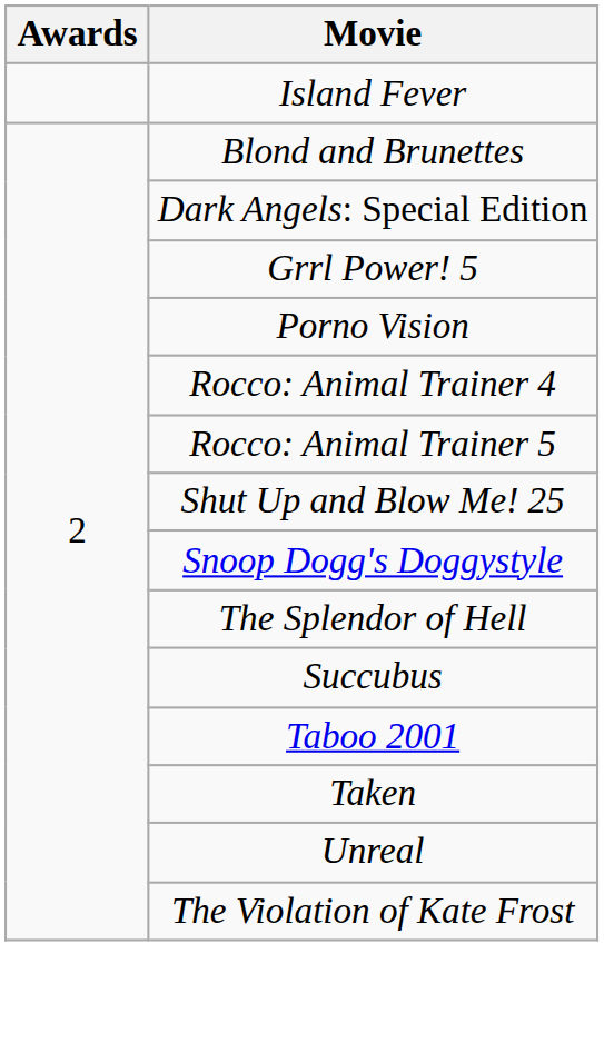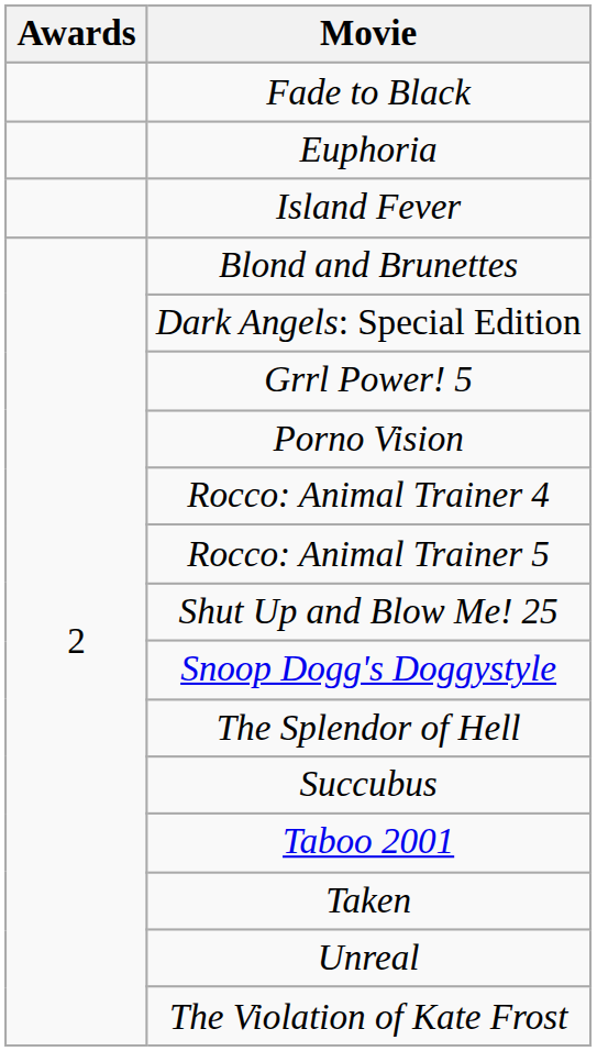 <table class="wikitable" style="text-align: center">
 <tr>
 <th scope="col" width="55">Awards</th>
 <th scope="col" align="center">Movie</th>
+</tr>
+<tr>
+<td></td>
+<td><em>Fade to Black</em></td>
+</tr>
+<tr>
+<td></td>
+<td><em>Euphoria</em></td>
 </tr>
 <tr>
 <td></td>
 <td><em>Island Fever</em></td>
 </tr>
 <tr>
 <td rowspan=14 style="text-align:center">2</td>
 <td><em>Blond and Brunettes</em></td>
 </tr>
 <tr>
 <td><em>Dark Angels</em>: Special Edition</td>
 </tr>
 <tr>
 <td><em>Grrl Power! 5</em></td>
 </tr>
 <tr>
 <td><em>Porno Vision</em></td>
 </tr>
 <tr>
 <td><em>Rocco: Animal Trainer 4</em></td>
 </tr>
 <tr>
 <td><em>Rocco: Animal Trainer 5</em></td>
 </tr>
 <tr>
 <td><em>Shut Up and Blow Me! 25</em></td>
 </tr>
 <tr>
 <td><em><a href='#'>Snoop Dogg's Doggystyle</a></em></td>
 </tr>
 <tr>
 <td><em>The Splendor of Hell</em></td>
 </tr>
 <tr>
 <td><em>Succubus</em></td>
 </tr>
 <tr>
 <td><em><a href='#'>Taboo 2001</a></em></td>
 </tr>
 <tr>
 <td><em>Taken</em></td>
 </tr>
 <tr>
 <td><em>Unreal</em></td>
 </tr>
 <tr>
 <td><em>The Violation of Kate Frost</em></td>
 </tr>
 </table>
